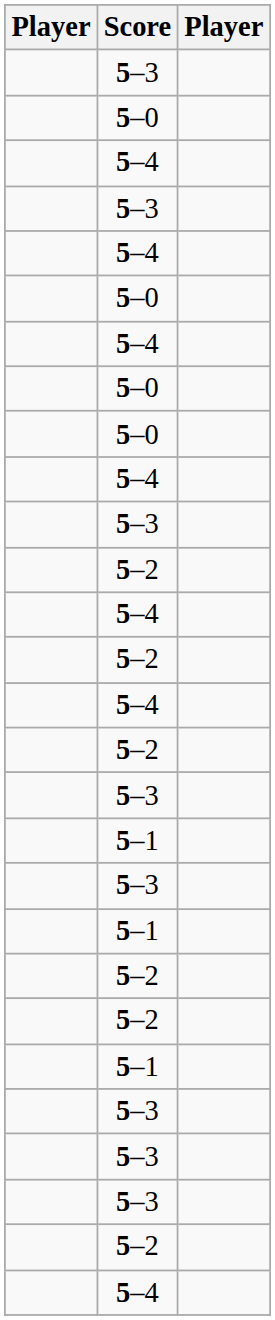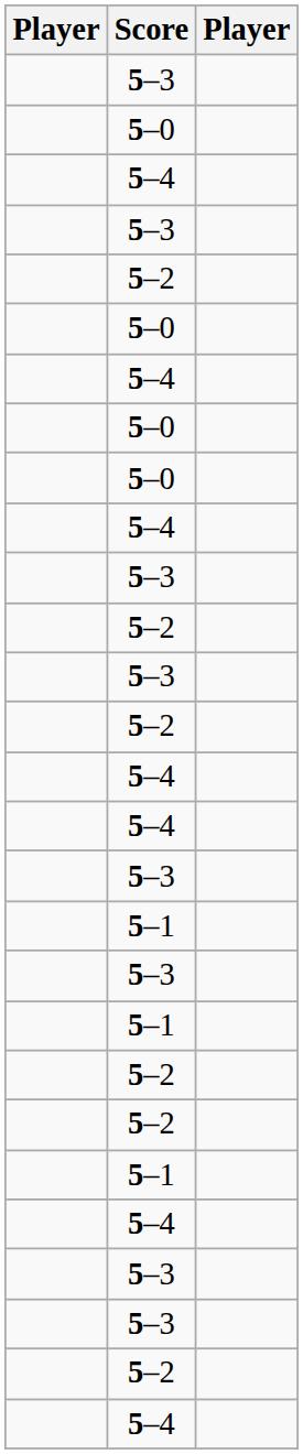 <table class="wikitable" style="; text-align:center">
 <tr>
 <th>Player</th>
 <th>Score</th>
 <th>Player</th>
 </tr>
 <tr>
 <td><strong></strong></td>
 <td><strong>5</strong>–3</td>
 <td></td>
 </tr>
 <tr>
 <td><strong></strong></td>
 <td><strong>5</strong>–0</td>
 <td></td>
 </tr>
 <tr>
 <td><strong></strong></td>
 <td><strong>5</strong>–4</td>
 <td></td>
 </tr>
 <tr>
 <td><strong></strong></td>
 <td><strong>5</strong>–3</td>
 <td></td>
 </tr>
 <tr>
 <td><strong></strong></td>
-<td><strong>5</strong>–4</td>
+<td><strong>5</strong>–2</td>
 <td></td>
 </tr>
 <tr>
 <td><strong></strong></td>
 <td><strong>5</strong>–0</td>
 <td></td>
 </tr>
 <tr>
 <td><strong></strong></td>
 <td><strong>5</strong>–4</td>
 <td></td>
 </tr>
 <tr>
 <td><strong></strong></td>
 <td><strong>5</strong>–0</td>
 <td></td>
 </tr>
 <tr>
 <td><strong></strong></td>
 <td><strong>5</strong>–0</td>
 <td></td>
 </tr>
 <tr>
 <td><strong></strong></td>
 <td><strong>5</strong>–4</td>
 <td></td>
 </tr>
 <tr>
 <td><strong></strong></td>
 <td><strong>5</strong>–3</td>
 <td></td>
 </tr>
 <tr>
 <td><strong></strong></td>
 <td><strong>5</strong>–2</td>
 <td></td>
 </tr>
 <tr>
 <td><strong></strong></td>
-<td><strong>5</strong>–4</td>
+<td><strong>5</strong>–3</td>
 <td></td>
 </tr>
 <tr>
 <td><strong></strong></td>
 <td><strong>5</strong>–2</td>
 <td></td>
 </tr>
 <tr>
 <td><strong></strong></td>
 <td><strong>5</strong>–4</td>
 <td></td>
 </tr>
 <tr>
 <td><strong></strong></td>
-<td><strong>5</strong>–2</td>
+<td><strong>5</strong>–4</td>
 <td></td>
 </tr>
 <tr>
 <td><strong></strong></td>
 <td><strong>5</strong>–3</td>
 <td></td>
 </tr>
 <tr>
 <td><strong></strong></td>
 <td><strong>5</strong>–1</td>
 <td></td>
 </tr>
 <tr>
 <td><strong></strong></td>
 <td><strong>5</strong>–3</td>
 <td></td>
 </tr>
 <tr>
 <td><strong></strong></td>
 <td><strong>5</strong>–1</td>
 <td></td>
 </tr>
 <tr>
 <td><strong></strong></td>
 <td><strong>5</strong>–2</td>
 <td></td>
 </tr>
 <tr>
 <td><strong></strong></td>
 <td><strong>5</strong>–2</td>
 <td></td>
 </tr>
 <tr>
 <td><strong></strong></td>
 <td><strong>5</strong>–1</td>
 <td></td>
 </tr>
 <tr>
 <td><strong></strong></td>
-<td><strong>5</strong>–3</td>
+<td><strong>5</strong>–4</td>
 <td></td>
 </tr>
 <tr>
 <td><strong></strong></td>
 <td><strong>5</strong>–3</td>
 <td></td>
 </tr>
 <tr>
 <td><strong></strong></td>
 <td><strong>5</strong>–3</td>
 <td></td>
 </tr>
 <tr>
 <td><strong></strong></td>
 <td><strong>5</strong>–2</td>
 <td></td>
 </tr>
 <tr>
 <td><strong></strong></td>
 <td><strong>5</strong>–4</td>
 <td></td>
 </tr>
 </table>
